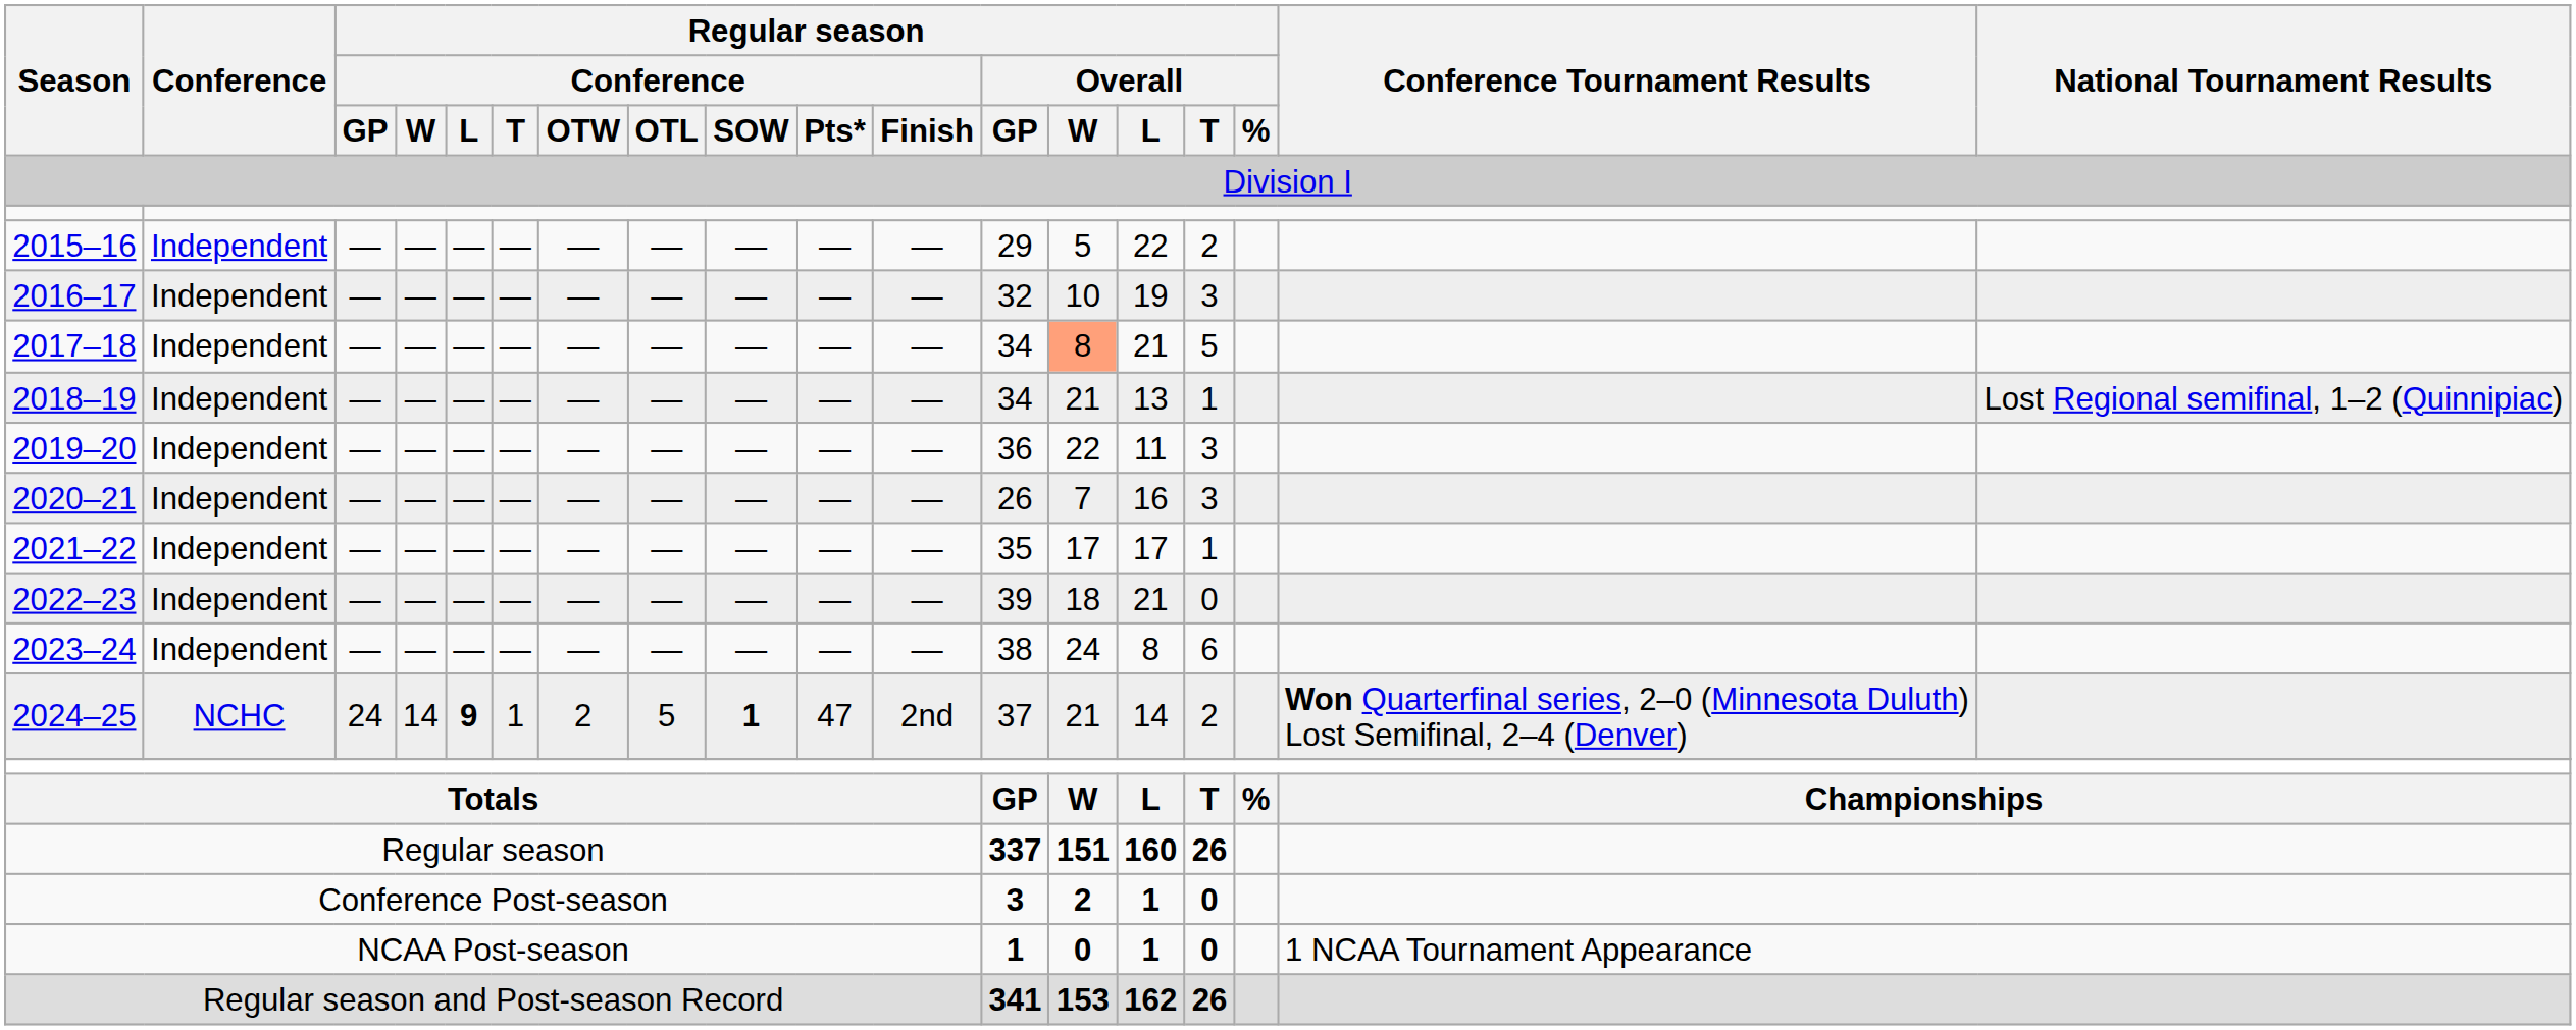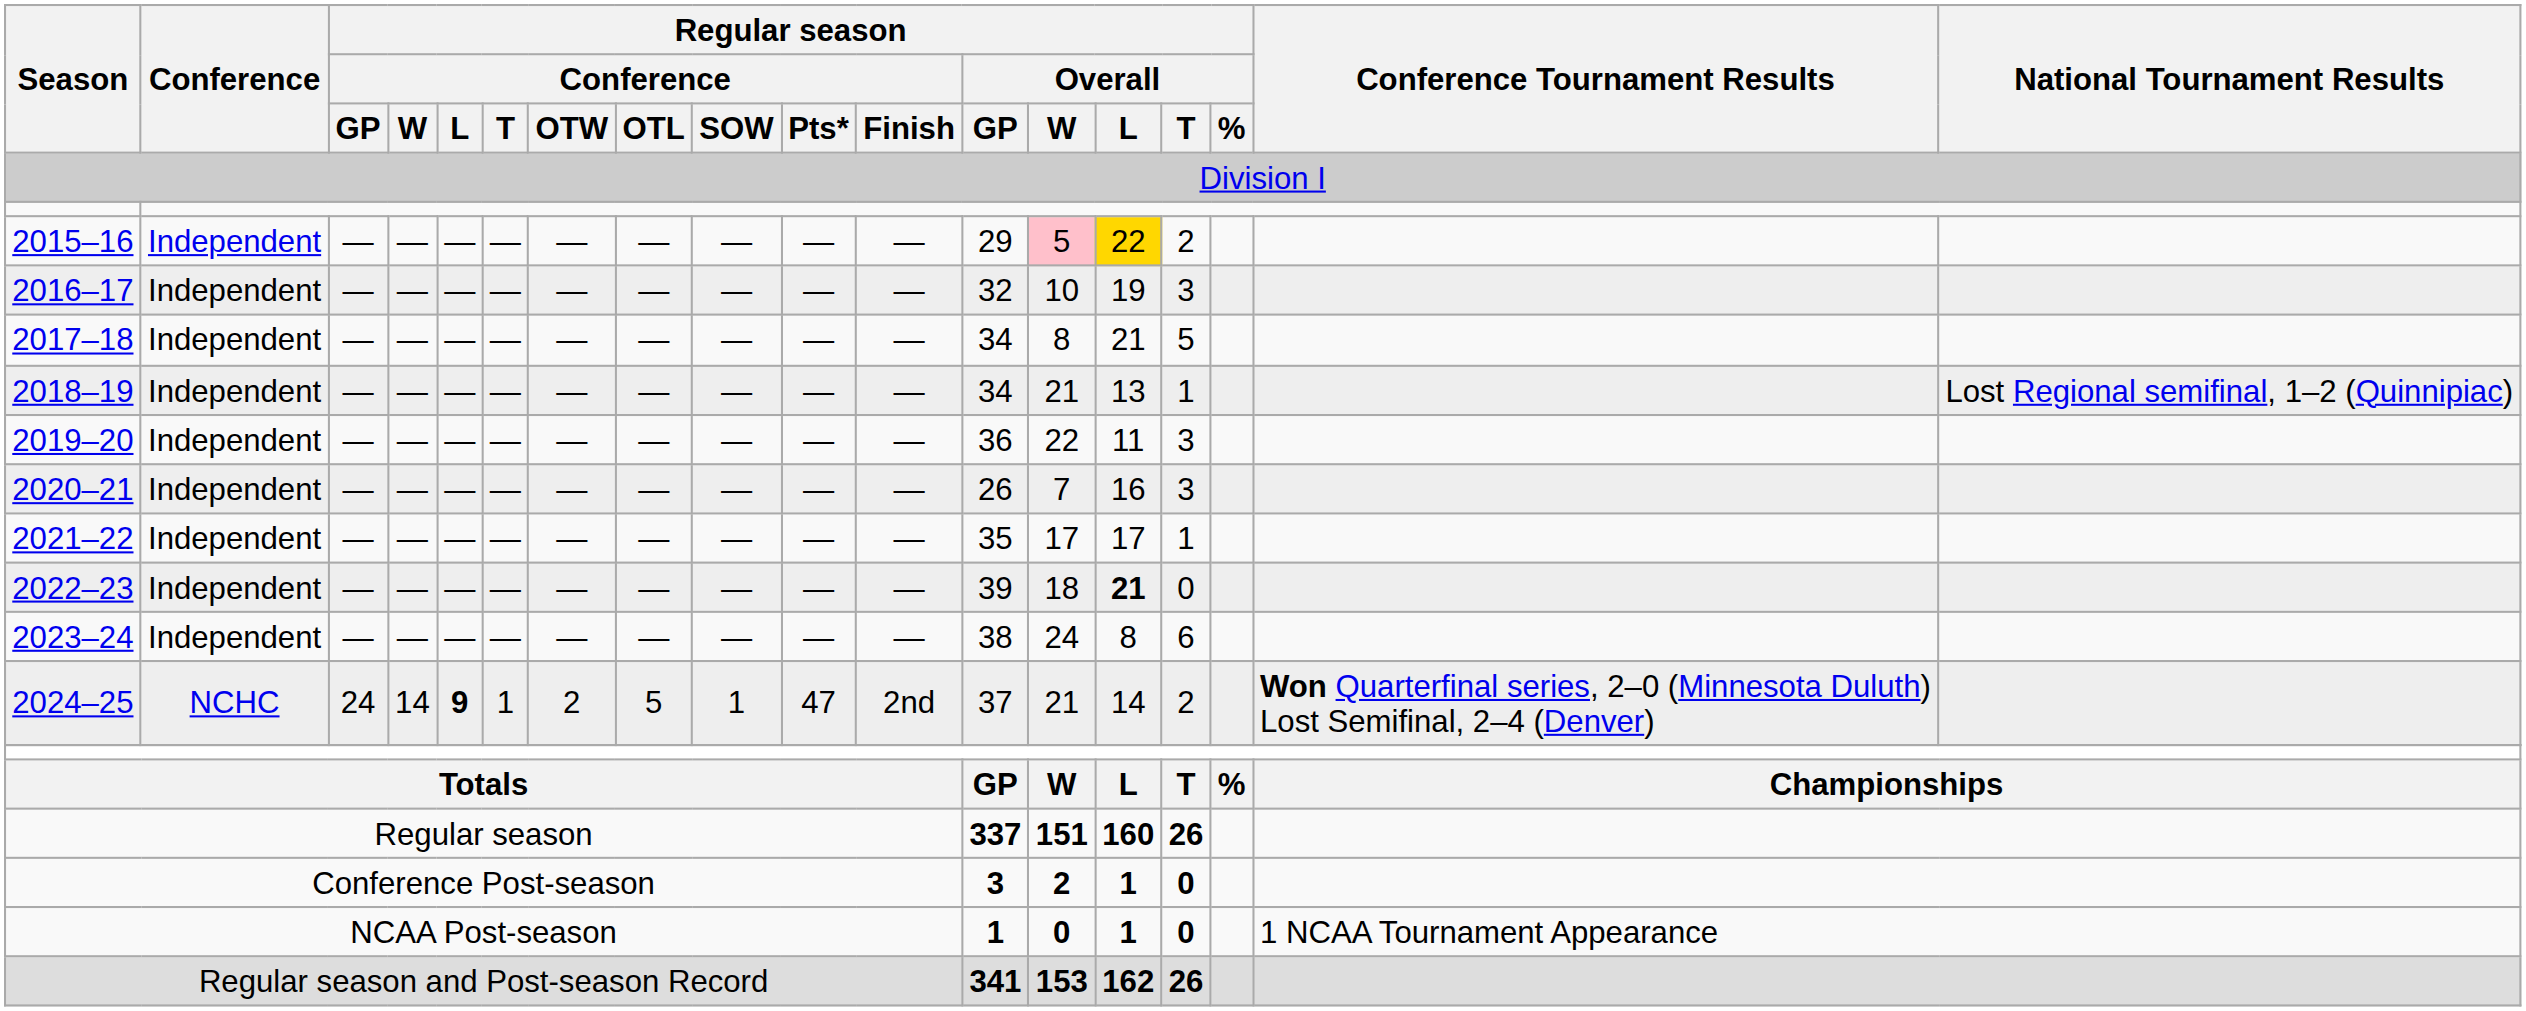 <table class="wikitable" style="text-align: center; font-size: 95%">
 <tr>
 <th rowspan="3">Season</th>
 <th rowspan="3">Conference</th>
 <th colspan="14">Regular season</th>
 <th rowspan="3">Conference Tournament Results</th>
 <th rowspan="3">National Tournament Results</th>
 </tr>
 <tr>
 <th colspan="9">Conference</th>
 <th colspan="5">Overall</th>
 </tr>
 <tr>
 <th>GP</th>
 <th>W</th>
 <th>L</th>
 <th>T</th>
 <th>OTW</th>
 <th>OTL</th>
 <th>SOW</th>
 <th>Pts*</th>
 <th>Finish</th>
 <th>GP</th>
 <th>W</th>
 <th>L</th>
 <th>T</th>
 <th>%</th>
 </tr>
 <tr>
 <td style="background:#cccccc;" colspan="19"><a href='#'>Division I</a></td>
 </tr>
 <tr>
 <td><a href='#'></a> </td>
 </tr>
 <tr>
 <td><a href='#'>2015–16</a></td>
 <td><a href='#'>Independent</a></td>
 <td>—</td>
 <td>—</td>
 <td>—</td>
 <td>—</td>
 <td>—</td>
 <td>—</td>
 <td>—</td>
 <td>—</td>
 <td>—</td>
 <td>29</td>
-<td>5</td>
-<td>22</td>
+<td style="background: pink;">5</td>
+<td style="background: gold;">22</td>
 <td>2</td>
 <td></td>
 <td align="left"></td>
 <td align="left"></td>
 </tr>
 <tr bgcolor=eeeeee>
 <td><a href='#'>2016–17</a></td>
 <td>Independent</td>
 <td>—</td>
 <td>—</td>
 <td>—</td>
 <td>—</td>
 <td>—</td>
 <td>—</td>
 <td>—</td>
 <td>—</td>
 <td>—</td>
 <td>32</td>
 <td>10</td>
 <td>19</td>
 <td>3</td>
 <td></td>
 <td align="left"></td>
 <td align="left"></td>
 </tr>
 <tr>
 <td><a href='#'>2017–18</a></td>
 <td>Independent</td>
 <td>—</td>
 <td>—</td>
 <td>—</td>
 <td>—</td>
 <td>—</td>
 <td>—</td>
 <td>—</td>
 <td>—</td>
 <td>—</td>
 <td>34</td>
-<td style="background: lightsalmon;">8</td>
+<td>8</td>
 <td>21</td>
 <td>5</td>
 <td></td>
 <td align="left"></td>
 <td align="left"></td>
 </tr>
 <tr bgcolor=eeeeee>
 <td><a href='#'>2018–19</a></td>
 <td>Independent</td>
 <td>—</td>
 <td>—</td>
 <td>—</td>
 <td>—</td>
 <td>—</td>
 <td>—</td>
 <td>—</td>
 <td>—</td>
 <td>—</td>
 <td>34</td>
 <td>21</td>
 <td>13</td>
 <td>1</td>
 <td></td>
 <td align="left"></td>
 <td align="left">Lost <a href='#'>Regional semifinal</a>, 1–2 (<a href='#'>Quinnipiac</a>)</td>
 </tr>
 <tr>
 <td><a href='#'>2019–20</a></td>
 <td>Independent</td>
 <td>—</td>
 <td>—</td>
 <td>—</td>
 <td>—</td>
 <td>—</td>
 <td>—</td>
 <td>—</td>
 <td>—</td>
 <td>—</td>
 <td>36</td>
 <td>22</td>
 <td>11</td>
 <td>3</td>
 <td></td>
 <td align="left"></td>
 <td align="left"></td>
 </tr>
 <tr bgcolor=eeeeee>
 <td><a href='#'>2020–21</a></td>
 <td>Independent</td>
 <td>—</td>
 <td>—</td>
 <td>—</td>
 <td>—</td>
 <td>—</td>
 <td>—</td>
 <td>—</td>
 <td>—</td>
 <td>—</td>
 <td>26</td>
 <td>7</td>
 <td>16</td>
 <td>3</td>
 <td></td>
 <td align="left"></td>
 <td align="left"></td>
 </tr>
 <tr>
 <td><a href='#'>2021–22</a></td>
 <td>Independent</td>
 <td>—</td>
 <td>—</td>
 <td>—</td>
 <td>—</td>
 <td>—</td>
 <td>—</td>
 <td>—</td>
 <td>—</td>
 <td>—</td>
 <td>35</td>
 <td>17</td>
 <td>17</td>
 <td>1</td>
 <td></td>
 <td align="left"></td>
 <td align="left"></td>
 </tr>
 <tr bgcolor=eeeeee>
 <td><a href='#'>2022–23</a></td>
 <td>Independent</td>
 <td>—</td>
 <td>—</td>
 <td>—</td>
 <td>—</td>
 <td>—</td>
 <td>—</td>
 <td>—</td>
 <td>—</td>
 <td>—</td>
 <td>39</td>
 <td>18</td>
-<td>21</td>
+<td><strong>21</strong></td>
 <td>0</td>
 <td></td>
 <td align="left"></td>
 <td align="left"></td>
 </tr>
 <tr>
 <td><a href='#'>2023–24</a></td>
 <td>Independent</td>
 <td>—</td>
 <td>—</td>
 <td>—</td>
 <td>—</td>
 <td>—</td>
 <td>—</td>
 <td>—</td>
 <td>—</td>
 <td>—</td>
 <td>38</td>
 <td>24</td>
 <td>8</td>
 <td>6</td>
 <td></td>
 <td align="left"></td>
 <td align="left"></td>
 </tr>
 <tr bgcolor=eeeeee>
 <td><a href='#'>2024–25</a></td>
 <td><a href='#'>NCHC</a></td>
 <td>24</td>
 <td>14</td>
 <td><strong>9</strong></td>
 <td>1</td>
 <td>2</td>
 <td>5</td>
-<td><strong>1</strong></td>
+<td>1</td>
 <td>47</td>
 <td>2nd</td>
 <td>37</td>
 <td>21</td>
 <td>14</td>
 <td>2</td>
 <td></td>
 <td align="left"><strong>Won</strong> <a href='#'>Quarterfinal series</a>, 2–0 (<a href='#'>Minnesota Duluth</a>)<br>Lost Semifinal, 2–4 (<a href='#'>Denver</a>)</td>
 <td align="left"></td>
 </tr>
 <tr>
 </tr>
 <tr ->
 </tr>
 <tr>
 <td colspan="18" style="background:#fff;"></td>
 </tr>
 <tr>
 <th colspan="11">Totals</th>
 <th>GP</th>
 <th>W</th>
 <th>L</th>
 <th>T</th>
 <th>%</th>
 <th colspan="2">Championships</th>
 </tr>
 <tr>
 <td colspan="11">Regular season</td>
 <td><strong>337</strong></td>
 <td><strong>151</strong></td>
 <td><strong>160</strong></td>
 <td><strong>26</strong></td>
 <td><strong></strong></td>
 <td colspan="2" align="left"></td>
 </tr>
 <tr>
 <td colspan="11">Conference Post-season</td>
 <td><strong>3</strong></td>
 <td><strong>2</strong></td>
 <td><strong>1</strong></td>
 <td><strong>0</strong></td>
 <td><strong></strong></td>
 <td colspan="2" align="left"></td>
 </tr>
 <tr>
 <td colspan="11">NCAA Post-season</td>
 <td><strong>1</strong></td>
 <td><strong>0</strong></td>
 <td><strong>1</strong></td>
 <td><strong>0</strong></td>
 <td><strong></strong></td>
 <td colspan="2" align="left">1 NCAA Tournament Appearance</td>
 </tr>
 <tr bgcolor=dddddd>
 <td colspan="11">Regular season and Post-season Record</td>
 <td><strong>341</strong></td>
 <td><strong>153</strong></td>
 <td><strong>162</strong></td>
 <td><strong>26</strong></td>
 <td><strong></strong></td>
 <td colspan="2" align="left"></td>
 </tr>
 </table>
